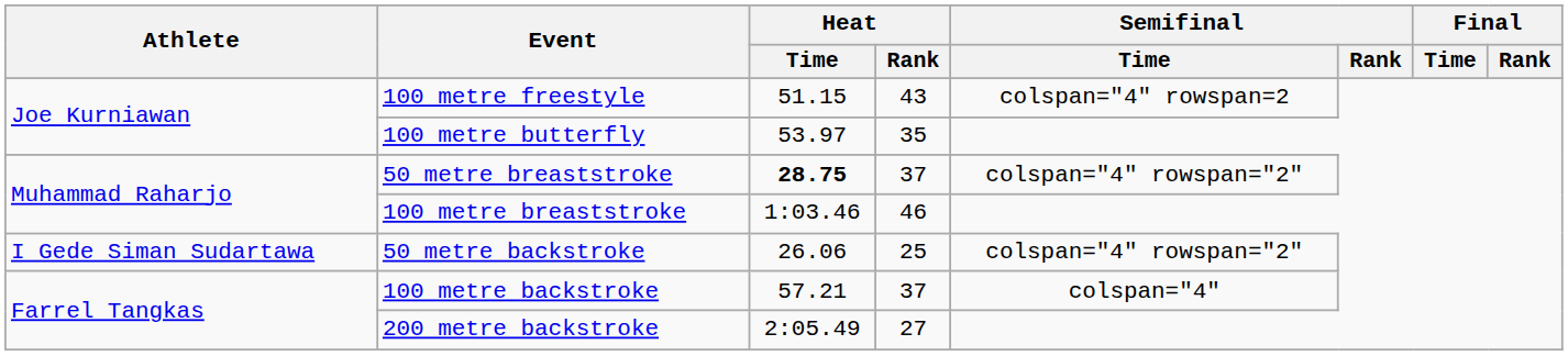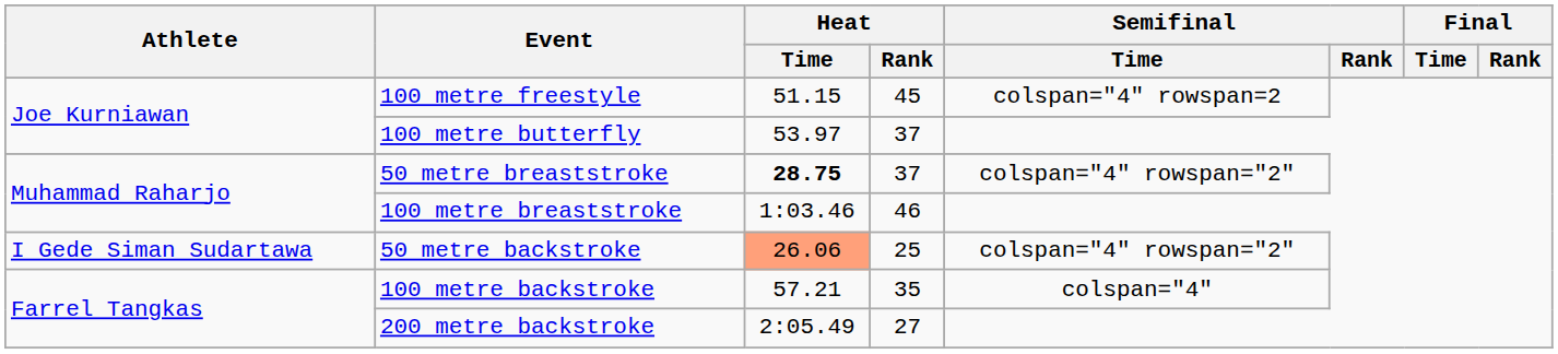 <table class="wikitable" style="text-align:center; font-size:90%; width:50%;">
 <tr>
 <th rowspan="2">Athlete</th>
 <th rowspan="2">Event</th>
 <th colspan="2">Heat</th>
 <th colspan="2">Semifinal</th>
 <th colspan="2">Final</th>
 </tr>
 <tr style="font-size:95%">
 <th>Time</th>
 <th>Rank</th>
 <th>Time</th>
 <th>Rank</th>
 <th>Time</th>
 <th>Rank</th>
 </tr>
 <tr align=center>
 <td align=left rowspan=2><a href='#'>Joe Kurniawan</a></td>
 <td align=left><a href='#'>100 metre freestyle</a></td>
 <td>51.15</td>
-<td>43</td>
+<td>45</td>
 <td>colspan="4" rowspan=2 </td>
 </tr>
 <tr align=center>
 <td align=left><a href='#'>100 metre butterfly</a></td>
 <td>53.97</td>
-<td>35</td>
+<td>37</td>
 </tr>
 <tr align=center>
 <td align=left rowspan="2"><a href='#'>Muhammad Raharjo</a></td>
 <td align=left><a href='#'>50 metre breaststroke</a></td>
 <td><strong>28.75</strong></td>
 <td>37</td>
 <td>colspan="4" rowspan="2" </td>
 </tr>
 <tr align=center>
 <td align=left><a href='#'>100 metre breaststroke</a></td>
 <td>1:03.46</td>
 <td>46</td>
 </tr>
 <tr align=center>
 <td align=left><a href='#'>I Gede Siman Sudartawa</a></td>
 <td align=left><a href='#'>50 metre backstroke</a></td>
-<td>26.06</td>
+<td style="background: lightsalmon;">26.06</td>
 <td>25</td>
 <td>colspan="4" rowspan="2" </td>
 </tr>
 <tr align=center>
 <td align=left rowspan="2"><a href='#'>Farrel Tangkas</a></td>
 <td align=left><a href='#'>100 metre backstroke</a></td>
 <td>57.21</td>
-<td>37</td>
+<td>35</td>
 <td>colspan="4" </td>
 </tr>
 <tr align=center>
 <td align=left><a href='#'>200 metre backstroke</a></td>
 <td>2:05.49</td>
 <td>27</td>
 </tr>
 </table>
